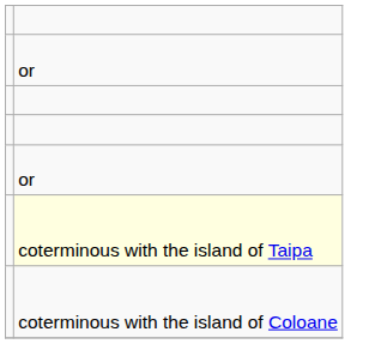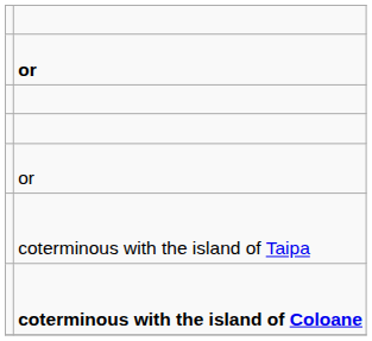 <table class="wikitable">
 <tr>
 <td></td>
 <td> <br> </td>
 </tr>
 <tr>
 <td></td>
-<td> <br> or </td>
+<td><strong> <br> or </strong></td>
 </tr>
 <tr>
 <td></td>
 <td> <br> </td>
 </tr>
 <tr>
 <td></td>
 <td> <br>  </td>
 </tr>
 <tr>
 <td></td>
 <td> <br>  or </td>
 </tr>
 <tr>
 <td></td>
-<td style="background: lightyellow;"> <br>  <br> coterminous with the island of <a href='#'>Taipa</a></td>
+<td> <br>  <br> coterminous with the island of <a href='#'>Taipa</a></td>
 </tr>
 <tr>
 <td></td>
-<td> <br>   <br> coterminous with the island of <a href='#'>Coloane</a></td>
+<td><strong> <br>   <br> coterminous with the island of <a href='#'>Coloane</a></strong></td>
 </tr>
 <tr>
 </tr>
 </table>
